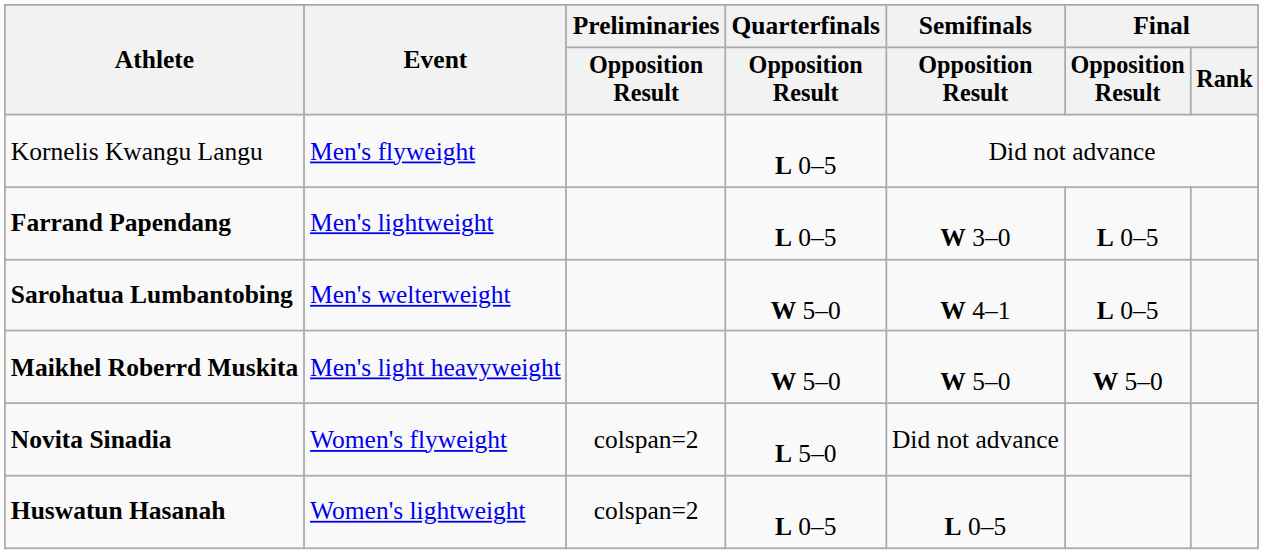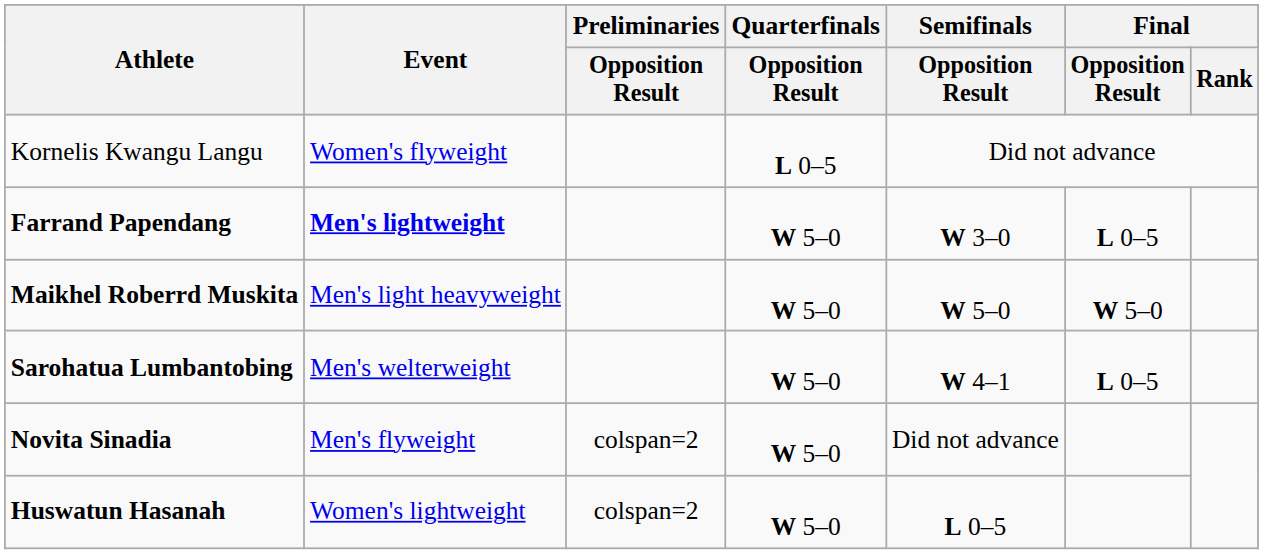 <table class="wikitable" style="font-size:90%">
 <tr>
 <th rowspan="2">Athlete</th>
 <th rowspan="2">Event</th>
 <th>Preliminaries</th>
 <th>Quarterfinals</th>
 <th>Semifinals</th>
 <th colspan=2>Final</th>
 </tr>
 <tr style="font-size:95%">
 <th>Opposition<br>Result</th>
 <th>Opposition<br>Result</th>
 <th>Opposition<br>Result</th>
 <th>Opposition<br>Result</th>
 <th>Rank</th>
 </tr>
 <tr align=center>
 <td align=left>Kornelis Kwangu Langu</td>
-<td align=left><a href='#'>Men's flyweight</a></td>
+<td align=left><a href='#'>Women's flyweight</a></td>
 <td></td>
 <td><br><strong>L</strong> 0–5</td>
 <td colspan=3>Did not advance</td>
 </tr>
 <tr align=center>
 <td align=left><strong>Farrand Papendang</strong></td>
-<td align=left><a href='#'>Men's lightweight</a></td>
-<td></td>
-<td><br><strong>L</strong> 0–5</td>
-<td><br><strong>W</strong> 3–0</td>
-<td><br><strong>L</strong> 0–5</td>
-<td></td>
-</tr>
-<tr align=center>
-<td align=left><strong>Sarohatua Lumbantobing</strong></td>
-<td align=left><a href='#'>Men's welterweight</a></td>
+<td align=left><strong><a href='#'>Men's lightweight</a></strong></td>
 <td></td>
 <td><br><strong>W</strong> 5–0</td>
-<td><br><strong>W</strong> 4–1</td>
+<td><br><strong>W</strong> 3–0</td>
 <td><br><strong>L</strong> 0–5</td>
 <td></td>
 </tr>
 <tr align=center>
 <td align=left><strong>Maikhel Roberrd Muskita</strong></td>
 <td align=left><a href='#'>Men's light heavyweight</a></td>
 <td></td>
 <td><br><strong>W</strong> 5–0</td>
 <td><br><strong>W</strong> 5–0</td>
 <td><br><strong>W</strong> 5–0</td>
 <td></td>
 </tr>
 <tr align=center>
+<td align=left><strong>Sarohatua Lumbantobing</strong></td>
+<td align=left><a href='#'>Men's welterweight</a></td>
+<td></td>
+<td><br><strong>W</strong> 5–0</td>
+<td><br><strong>W</strong> 4–1</td>
+<td><br><strong>L</strong> 0–5</td>
+<td></td>
+</tr>
+<tr align=center>
 <td align=left><strong>Novita Sinadia</strong></td>
-<td align=left><a href='#'>Women's flyweight</a></td>
+<td align=left><a href='#'>Men's flyweight</a></td>
 <td>colspan=2 </td>
-<td><br><strong>L</strong> 5–0</td>
+<td><br><strong>W</strong> 5–0</td>
 <td>Did not advance</td>
 <td></td>
 </tr>
 <tr align=center>
 <td align=left><strong>Huswatun Hasanah</strong></td>
 <td align=left><a href='#'>Women's lightweight</a></td>
 <td>colspan=2 </td>
-<td><br><strong>L</strong> 0–5</td>
+<td><br><strong>W</strong> 5–0</td>
 <td><br><strong>L</strong> 0–5</td>
 <td></td>
 </tr>
 </table>
